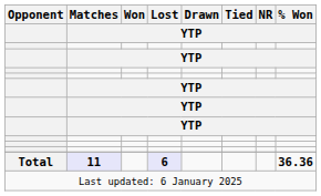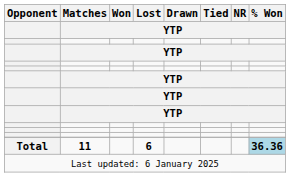 <table class="wikitable plainrowheaders sortable" style="text-align:center">
 <tr>
 <th>Opponent</th>
 <th>Matches</th>
 <th>Won</th>
 <th>Lost</th>
 <th>Drawn</th>
 <th>Tied</th>
 <th>NR</th>
 <th>% Won</th>
 </tr>
 <tr>
 <th scope=row></th>
 <th colspan=7>YTP</th>
 </tr>
 <tr>
 <th scope=row></th>
 <td></td>
 <td></td>
 <td></td>
 <td></td>
 <td></td>
 <td></td>
 <td></td>
 </tr>
 <tr>
 <th scope=row></th>
 <th colspan=7>YTP</th>
 </tr>
 <tr>
 <th scope=row></th>
 <td></td>
 <td></td>
 <td></td>
 <td></td>
 <td></td>
 <td></td>
 <td></td>
 </tr>
 <tr>
 <th scope=row></th>
 <td></td>
 <td></td>
 <td></td>
 <td></td>
 <td></td>
 <td></td>
 <td></td>
 </tr>
 <tr>
 <th scope=row></th>
 <th colspan=7>YTP</th>
 </tr>
 <tr>
 <th scope=row></th>
 <th colspan=7>YTP</th>
 </tr>
 <tr>
 <th scope=row></th>
 <th colspan=7>YTP</th>
 </tr>
 <tr>
 <th scope=row></th>
 <td></td>
 <td></td>
 <td></td>
 <td></td>
 <td></td>
 <td></td>
 <td></td>
 </tr>
 <tr>
 <th scope=row></th>
 <td></td>
 <td></td>
 <td></td>
 <td></td>
 <td></td>
 <td></td>
 <td></td>
 </tr>
 <tr>
 <th scope=row></th>
 <td></td>
 <td></td>
 <td></td>
 <td></td>
 <td></td>
 <td></td>
 <td></td>
 </tr>
 <tr>
 </tr>
 <tr class="sortbottom">
 <th scope="row" style="text-align:center"><strong>Total</strong></th>
-<td style="background: lavender;"><strong>11</strong></td>
+<td><strong>11</strong></td>
 <td><strong></strong></td>
-<td style="background: lavender;"><strong>6</strong></td>
+<td><strong>6</strong></td>
 <td><strong></strong></td>
 <td><strong></strong></td>
 <td><strong></strong></td>
-<td><strong>36.36</strong></td>
+<td style="background: lightblue;"><strong>36.36</strong></td>
 </tr>
 <tr>
 <td colspan=8><small>Last updated: 6 January 2025</small></td>
 </tr>
 </table>
